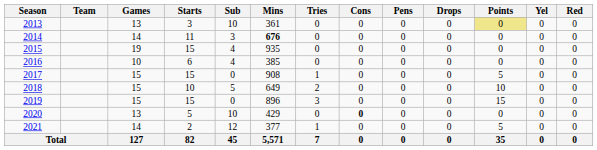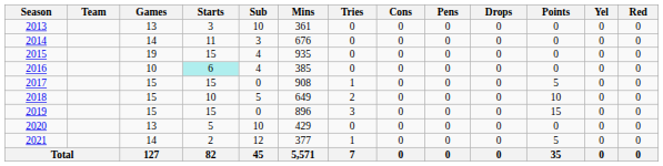 <table class="wikitable" style="text-align:center; line-height:90%; font-size:95%; width:60%;">
 <tr>
 <th>Season</th>
 <th>Team</th>
 <th>Games</th>
 <th>Starts</th>
 <th>Sub</th>
 <th>Mins</th>
 <th>Tries</th>
 <th>Cons</th>
 <th>Pens</th>
 <th>Drops</th>
 <th>Points</th>
 <th>Yel</th>
 <th>Red</th>
 </tr>
 <tr>
 <td><a href='#'>2013</a></td>
 <td></td>
 <td>13</td>
 <td>3</td>
 <td>10</td>
 <td>361</td>
 <td>0</td>
 <td>0</td>
 <td>0</td>
 <td>0</td>
-<td style="background: khaki;">0</td>
+<td>0</td>
 <td>0</td>
 <td>0</td>
 </tr>
 <tr>
 <td><a href='#'>2014</a></td>
 <td></td>
 <td>14</td>
 <td>11</td>
 <td>3</td>
-<td><strong>676</strong></td>
+<td>676</td>
 <td>0</td>
 <td>0</td>
 <td>0</td>
 <td>0</td>
 <td>0</td>
 <td>0</td>
 <td>0</td>
 </tr>
 <tr>
 <td><a href='#'>2015</a></td>
 <td></td>
 <td>19</td>
 <td>15</td>
 <td>4</td>
 <td>935</td>
 <td>0</td>
 <td>0</td>
 <td>0</td>
 <td>0</td>
 <td>0</td>
 <td>0</td>
 <td>0</td>
 </tr>
 <tr>
 <td><a href='#'>2016</a></td>
 <td></td>
 <td>10</td>
-<td>6</td>
+<td style="background: paleturquoise;">6</td>
 <td>4</td>
 <td>385</td>
 <td>0</td>
 <td>0</td>
 <td>0</td>
 <td>0</td>
 <td>0</td>
 <td>0</td>
 <td>0</td>
 </tr>
 <tr>
 <td><a href='#'>2017</a></td>
 <td></td>
 <td>15</td>
 <td>15</td>
 <td>0</td>
 <td>908</td>
 <td>1</td>
 <td>0</td>
 <td>0</td>
 <td>0</td>
 <td>5</td>
 <td>0</td>
 <td>0</td>
 </tr>
 <tr>
 <td><a href='#'>2018</a></td>
 <td></td>
 <td>15</td>
 <td>10</td>
 <td>5</td>
 <td>649</td>
 <td>2</td>
 <td>0</td>
 <td>0</td>
 <td>0</td>
 <td>10</td>
 <td>0</td>
 <td>0</td>
 </tr>
 <tr>
 <td><a href='#'>2019</a></td>
 <td></td>
 <td>15</td>
 <td>15</td>
 <td>0</td>
 <td>896</td>
 <td>3</td>
 <td>0</td>
 <td>0</td>
 <td>0</td>
 <td>15</td>
 <td>0</td>
 <td>0</td>
 </tr>
 <tr>
 <td><a href='#'>2020</a></td>
 <td></td>
 <td>13</td>
 <td>5</td>
 <td>10</td>
 <td>429</td>
 <td>0</td>
-<td><strong>0</strong></td>
+<td>0</td>
 <td>0</td>
 <td>0</td>
 <td>0</td>
 <td>0</td>
 <td>0</td>
 </tr>
 <tr>
 <td><a href='#'>2021</a></td>
 <td></td>
 <td>14</td>
 <td>2</td>
 <td>12</td>
 <td>377</td>
 <td>1</td>
 <td>0</td>
 <td>0</td>
 <td>0</td>
 <td>5</td>
 <td>0</td>
 <td>0</td>
 </tr>
 <tr>
 <th colspan="2">Total</th>
 <th>127</th>
 <th>82</th>
 <th>45</th>
 <th>5,571</th>
 <th>7</th>
 <th>0</th>
 <th>0</th>
 <th>0</th>
 <th>35</th>
 <th>0</th>
 <th>0</th>
 </tr>
 </table>
